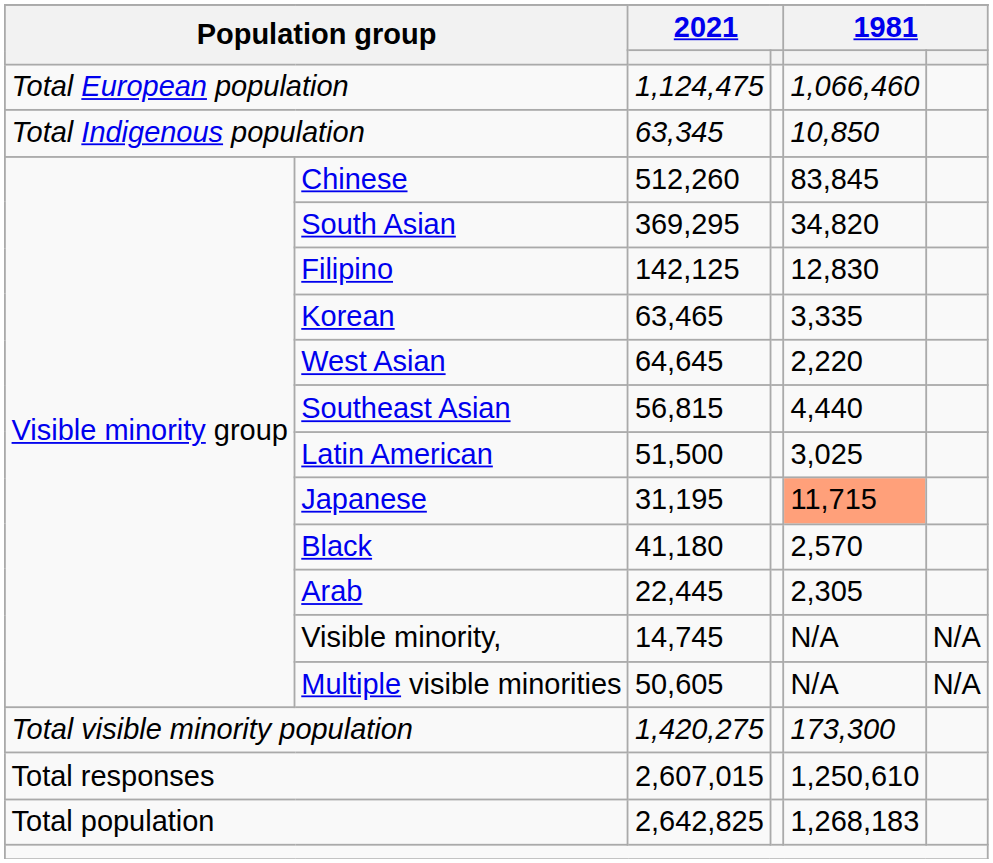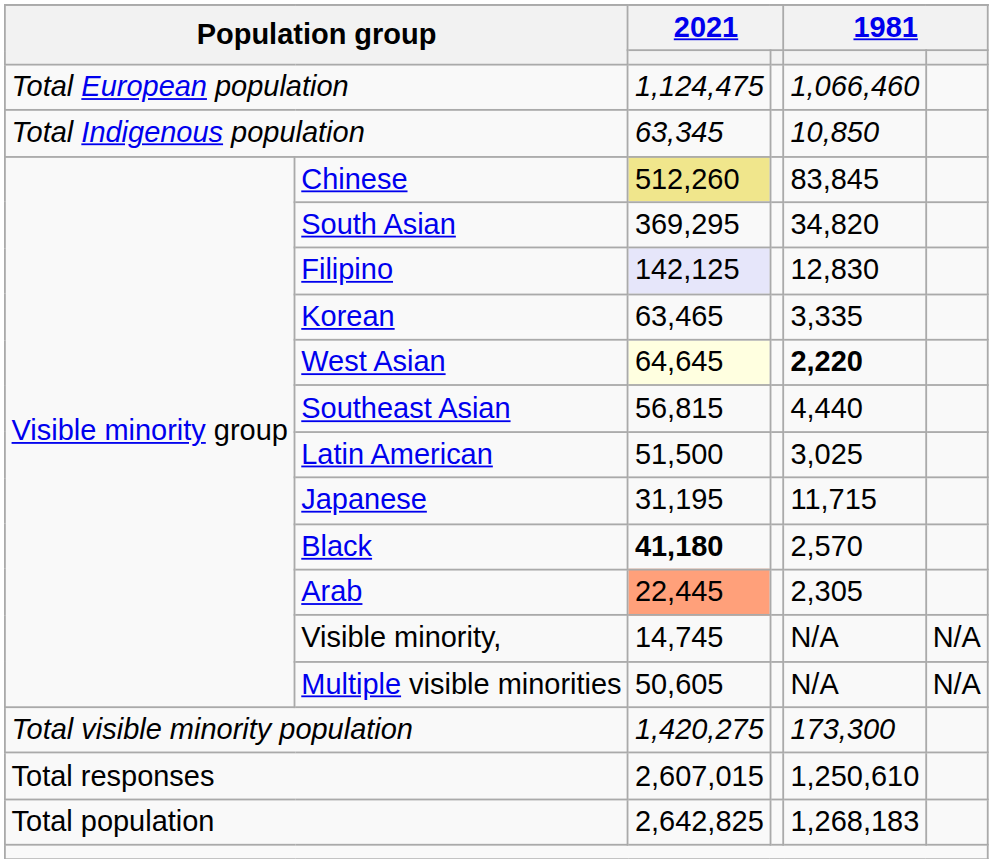 <table class="wikitable mw-datatable">
 <tr>
 </tr>
 <tr>
 <th rowspan=2 colspan="2">Population group</th>
 <th colspan=2><a href='#'>2021</a></th>
 <th colspan=2><a href='#'>1981</a></th>
 </tr>
 <tr>
 <th><a href='#'></a></th>
 <th></th>
 <th></th>
 <th></th>
 </tr>
 <tr>
 <td colspan="2"><em>Total <a href='#'>European</a> population </em></td>
 <td><em>1,124,475</em></td>
 <td><em></em></td>
 <td><em>1,066,460</em></td>
 <td><em></em></td>
 </tr>
 <tr>
 <td colspan="2"><em>Total <a href='#'>Indigenous</a> population</em></td>
 <td><em>63,345</em></td>
 <td><em></em></td>
 <td><em>10,850</em></td>
 <td><em></em></td>
 </tr>
 <tr>
 <td rowspan="12"><a href='#'>Visible minority</a> group</td>
 <td><a href='#'>Chinese</a></td>
-<td>512,260</td>
+<td style="background: khaki;">512,260</td>
 <td></td>
 <td>83,845</td>
 <td></td>
 </tr>
 <tr>
 <td><a href='#'>South Asian</a></td>
 <td>369,295</td>
 <td></td>
 <td>34,820</td>
 <td></td>
 </tr>
 <tr>
 <td><a href='#'>Filipino</a></td>
-<td>142,125</td>
+<td style="background: lavender;">142,125</td>
 <td></td>
 <td>12,830</td>
 <td></td>
 </tr>
 <tr>
 <td><a href='#'>Korean</a></td>
 <td>63,465</td>
 <td></td>
 <td>3,335</td>
 <td></td>
 </tr>
 <tr>
 <td><a href='#'>West Asian</a></td>
-<td>64,645</td>
+<td style="background: lightyellow;">64,645</td>
 <td></td>
-<td>2,220</td>
+<td><strong>2,220</strong></td>
 <td></td>
 </tr>
 <tr>
 <td><a href='#'>Southeast Asian</a></td>
 <td>56,815</td>
 <td></td>
 <td>4,440</td>
 <td></td>
 </tr>
 <tr>
 <td><a href='#'>Latin American</a></td>
 <td>51,500</td>
 <td></td>
 <td>3,025</td>
 <td></td>
 </tr>
 <tr>
 <td><a href='#'>Japanese</a></td>
 <td>31,195</td>
 <td></td>
-<td style="background: lightsalmon;">11,715</td>
+<td>11,715</td>
 <td></td>
 </tr>
 <tr>
 <td><a href='#'>Black</a></td>
-<td>41,180</td>
+<td><strong>41,180</strong></td>
 <td></td>
 <td>2,570</td>
 <td></td>
 </tr>
 <tr>
 <td><a href='#'>Arab</a></td>
-<td>22,445</td>
+<td style="background: lightsalmon;">22,445</td>
 <td></td>
 <td>2,305</td>
 <td></td>
 </tr>
 <tr>
 <td>Visible minority, </td>
 <td>14,745</td>
 <td></td>
 <td>N/A</td>
 <td>N/A</td>
 </tr>
 <tr>
 <td><a href='#'>Multiple</a> visible minorities</td>
 <td>50,605</td>
 <td></td>
 <td>N/A</td>
 <td>N/A</td>
 </tr>
 <tr>
 <td colspan="2"><em>Total visible minority population</em></td>
 <td><em>1,420,275</em></td>
 <td><em></em></td>
 <td><em>173,300</em></td>
 <td><em></em></td>
 </tr>
 <tr>
 <td colspan="2">Total responses</td>
 <td>2,607,015</td>
 <td></td>
 <td>1,250,610</td>
 <td></td>
 </tr>
 <tr>
 <td colspan="2">Total population</td>
 <td>2,642,825</td>
 <td></td>
 <td>1,268,183</td>
 <td></td>
 </tr>
 <tr>
 <td colspan="6"></td>
 </tr>
 </table>
